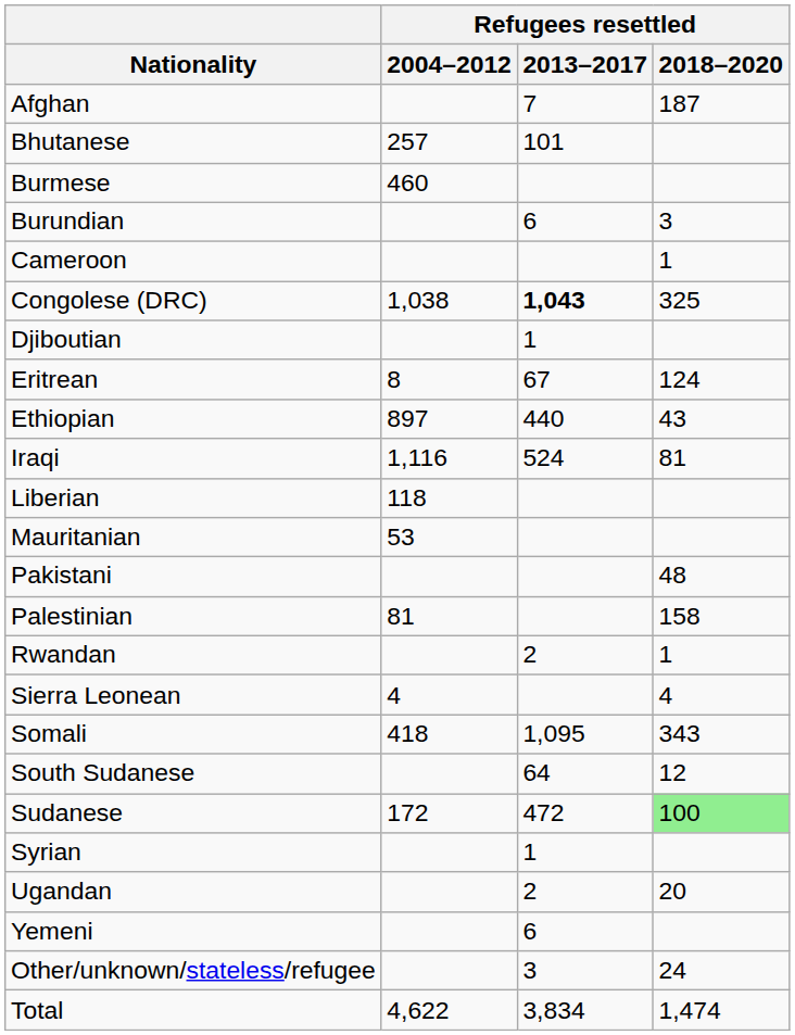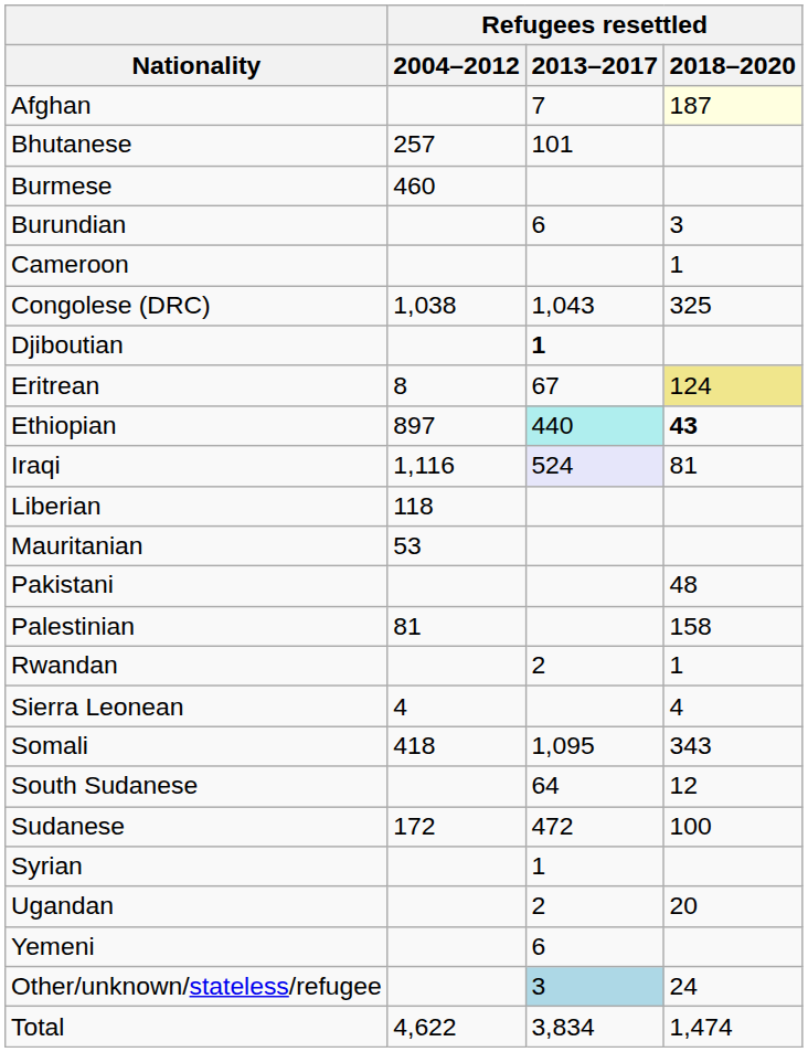 <table class="wikitable floatright">
 <tr>
 <th></th>
 <th colspan="3">Refugees resettled</th>
 </tr>
 <tr>
 <th scope=col>Nationality</th>
 <th scope=col>2004–2012</th>
 <th scope=col>2013–2017</th>
 <th scope=col>2018–2020</th>
 </tr>
 <tr>
 <td>Afghan</td>
 <td></td>
 <td>7</td>
-<td>187</td>
+<td style="background: lightyellow;">187</td>
 </tr>
 <tr>
 <td>Bhutanese</td>
 <td>257</td>
 <td>101</td>
 <td></td>
 </tr>
 <tr>
 <td>Burmese</td>
 <td>460</td>
 <td></td>
 <td></td>
 </tr>
 <tr>
 <td>Burundian</td>
 <td></td>
 <td>6</td>
 <td>3</td>
 </tr>
 <tr>
 <td>Cameroon</td>
 <td></td>
 <td></td>
 <td>1</td>
 </tr>
 <tr>
 <td>Congolese (DRC)</td>
 <td>1,038</td>
-<td><strong>1,043</strong></td>
+<td>1,043</td>
 <td>325</td>
 </tr>
 <tr>
 <td>Djiboutian</td>
 <td></td>
-<td>1</td>
+<td><strong>1</strong></td>
 <td></td>
 </tr>
 <tr>
 <td>Eritrean</td>
 <td>8</td>
 <td>67</td>
-<td>124</td>
+<td style="background: khaki;">124</td>
 </tr>
 <tr>
 <td>Ethiopian</td>
 <td>897</td>
-<td>440</td>
-<td>43</td>
+<td style="background: paleturquoise;">440</td>
+<td><strong>43</strong></td>
 </tr>
 <tr>
 <td>Iraqi</td>
 <td>1,116</td>
-<td>524</td>
+<td style="background: lavender;">524</td>
 <td>81</td>
 </tr>
 <tr>
 <td>Liberian</td>
 <td>118</td>
 <td></td>
 <td></td>
 </tr>
 <tr>
 <td>Mauritanian</td>
 <td>53</td>
 <td></td>
 <td></td>
 </tr>
 <tr>
 <td>Pakistani</td>
 <td></td>
 <td></td>
 <td>48</td>
 </tr>
 <tr>
 <td>Palestinian</td>
 <td>81</td>
 <td></td>
 <td>158</td>
 </tr>
 <tr>
 <td>Rwandan</td>
 <td></td>
 <td>2</td>
 <td>1</td>
 </tr>
 <tr>
 <td>Sierra Leonean</td>
 <td>4</td>
 <td></td>
 <td>4</td>
 </tr>
 <tr>
 <td>Somali</td>
 <td>418</td>
 <td>1,095</td>
 <td>343</td>
 </tr>
 <tr>
 <td>South Sudanese</td>
 <td></td>
 <td>64</td>
 <td>12</td>
 </tr>
 <tr>
 <td>Sudanese</td>
 <td>172</td>
 <td>472</td>
-<td style="background: lightgreen;">100</td>
+<td>100</td>
 </tr>
 <tr>
 <td>Syrian</td>
 <td></td>
 <td>1</td>
 <td></td>
 </tr>
 <tr>
 <td>Ugandan</td>
 <td></td>
 <td>2</td>
 <td>20</td>
 </tr>
 <tr>
 <td>Yemeni</td>
 <td></td>
 <td>6</td>
 <td></td>
 </tr>
 <tr>
 <td>Other/unknown/<a href='#'>stateless</a>/refugee</td>
 <td></td>
-<td>3</td>
+<td style="background: lightblue;">3</td>
 <td>24</td>
 </tr>
 <tr>
 <td>Total</td>
 <td>4,622</td>
 <td>3,834</td>
 <td>1,474</td>
 </tr>
 </table>
